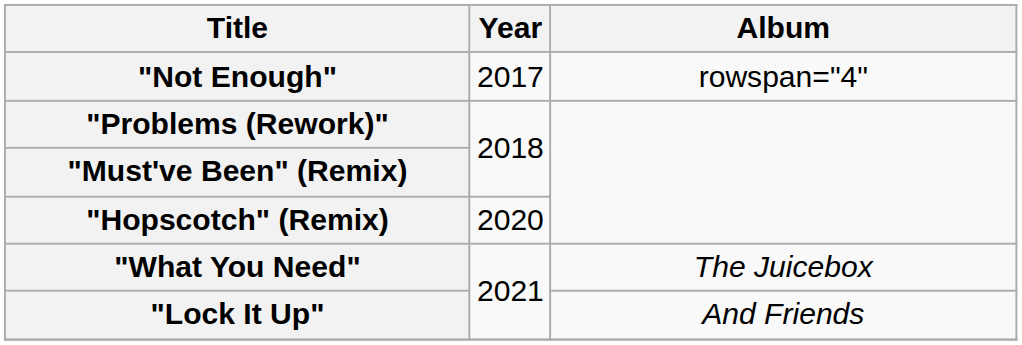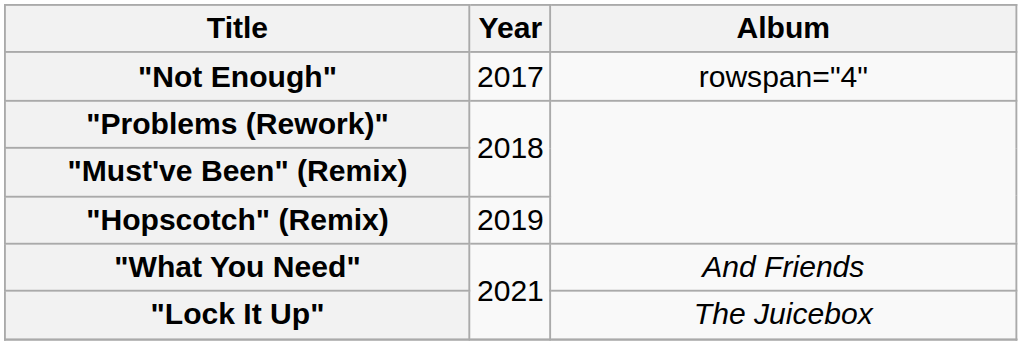 <table class="wikitable plainrowheaders" style="text-align:center;">
 <tr>
 <th scope="col" style="width:15em;">Title</th>
 <th scope="col" style="width:1em;">Year</th>
 <th scope="col" style="width:15em;">Album</th>
 </tr>
 <tr>
 <th scope="row">"Not Enough"<br></th>
 <td>2017</td>
 <td>rowspan="4" </td>
 </tr>
 <tr>
 <th scope="row">"Problems (Rework)" <br></th>
 <td rowspan=2>2018</td>
 </tr>
 <tr>
 <th scope="row">"Must've Been" (Remix)<br></th>
 </tr>
 <tr>
 <th scope="row">"Hopscotch" (Remix)<br></th>
-<td>2020</td>
+<td>2019</td>
 </tr>
 <tr>
 <th scope="row">"What You Need"<br></th>
 <td rowspan=2>2021</td>
-<td><em>The Juicebox</em></td>
+<td><em>And Friends</em></td>
 </tr>
 <tr>
 <th scope="row">"Lock It Up"<br></th>
-<td><em>And Friends</em></td>
+<td><em>The Juicebox</em></td>
 </tr>
 <tr>
 </tr>
 </table>
